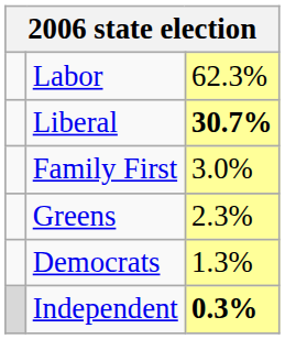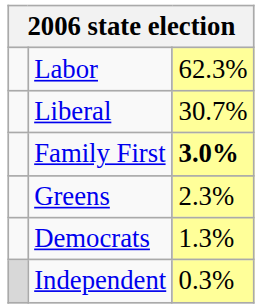 <table class="wikitable" style="float:right; margin-left:1em">
 <tr>
 <th colspan="3">2006 state election</th>
 </tr>
 <tr>
 <td> </td>
 <td><a href='#'>Labor</a></td>
 <td bgcolor="FFFF99">62.3%</td>
 </tr>
 <tr>
 <td> </td>
 <td><a href='#'>Liberal</a></td>
-<td bgcolor="FFFF99"><strong>30.7%</strong></td>
+<td bgcolor="FFFF99">30.7%</td>
 </tr>
 <tr>
 <td> </td>
 <td><a href='#'>Family First</a></td>
-<td bgcolor="FFFF99">3.0%</td>
+<td bgcolor="FFFF99"><strong>3.0%</strong></td>
 </tr>
 <tr>
 <td> </td>
 <td><a href='#'>Greens</a></td>
 <td bgcolor="FFFF99">2.3%</td>
 </tr>
 <tr>
 <td> </td>
 <td><a href='#'>Democrats</a></td>
 <td bgcolor="FFFF99">1.3%</td>
 </tr>
 <tr>
 <td bgcolor="#D8D8D8"> </td>
 <td><a href='#'>Independent</a></td>
-<td bgcolor="FFFF99"><strong>0.3%</strong></td>
+<td bgcolor="FFFF99">0.3%</td>
 </tr>
 </table>
